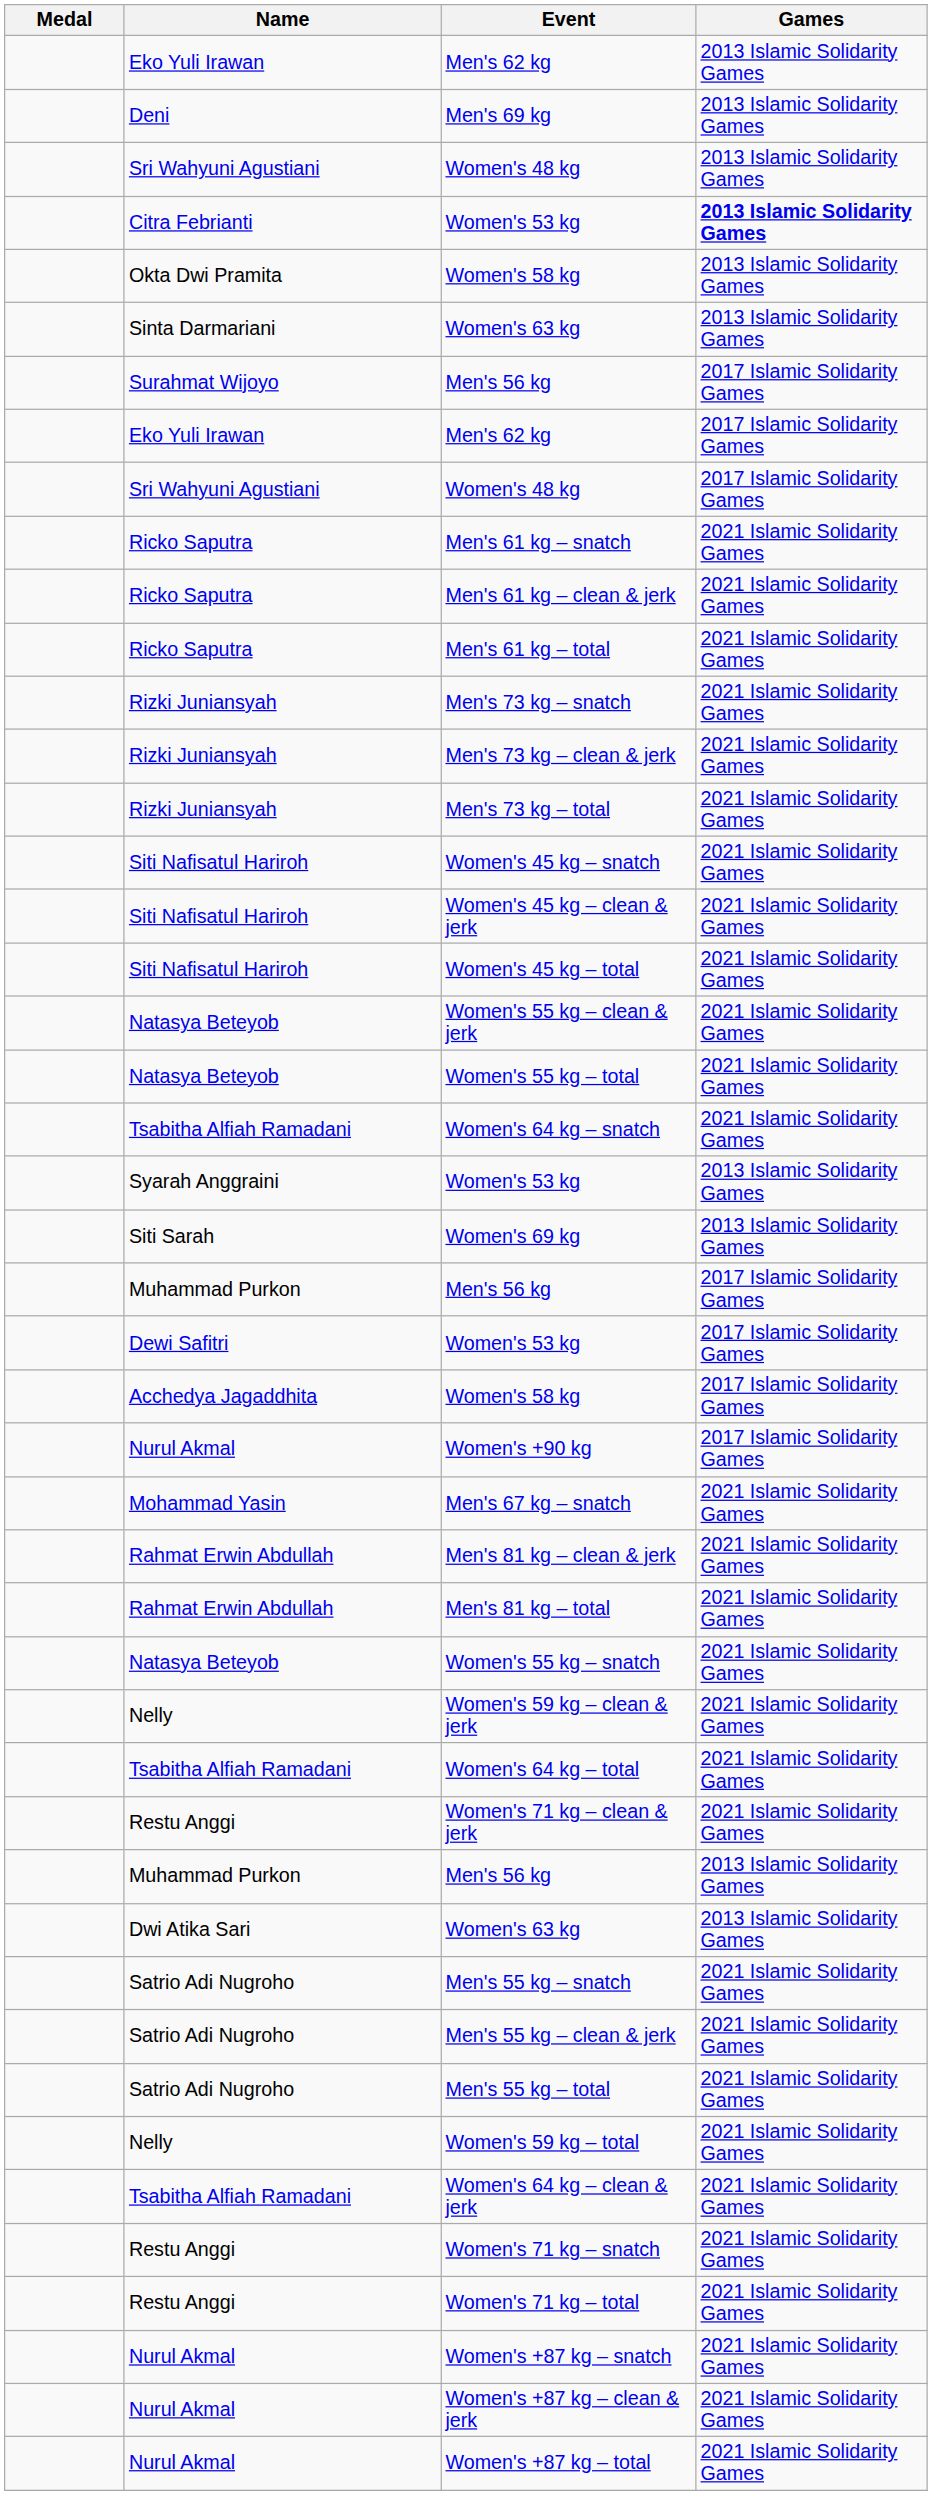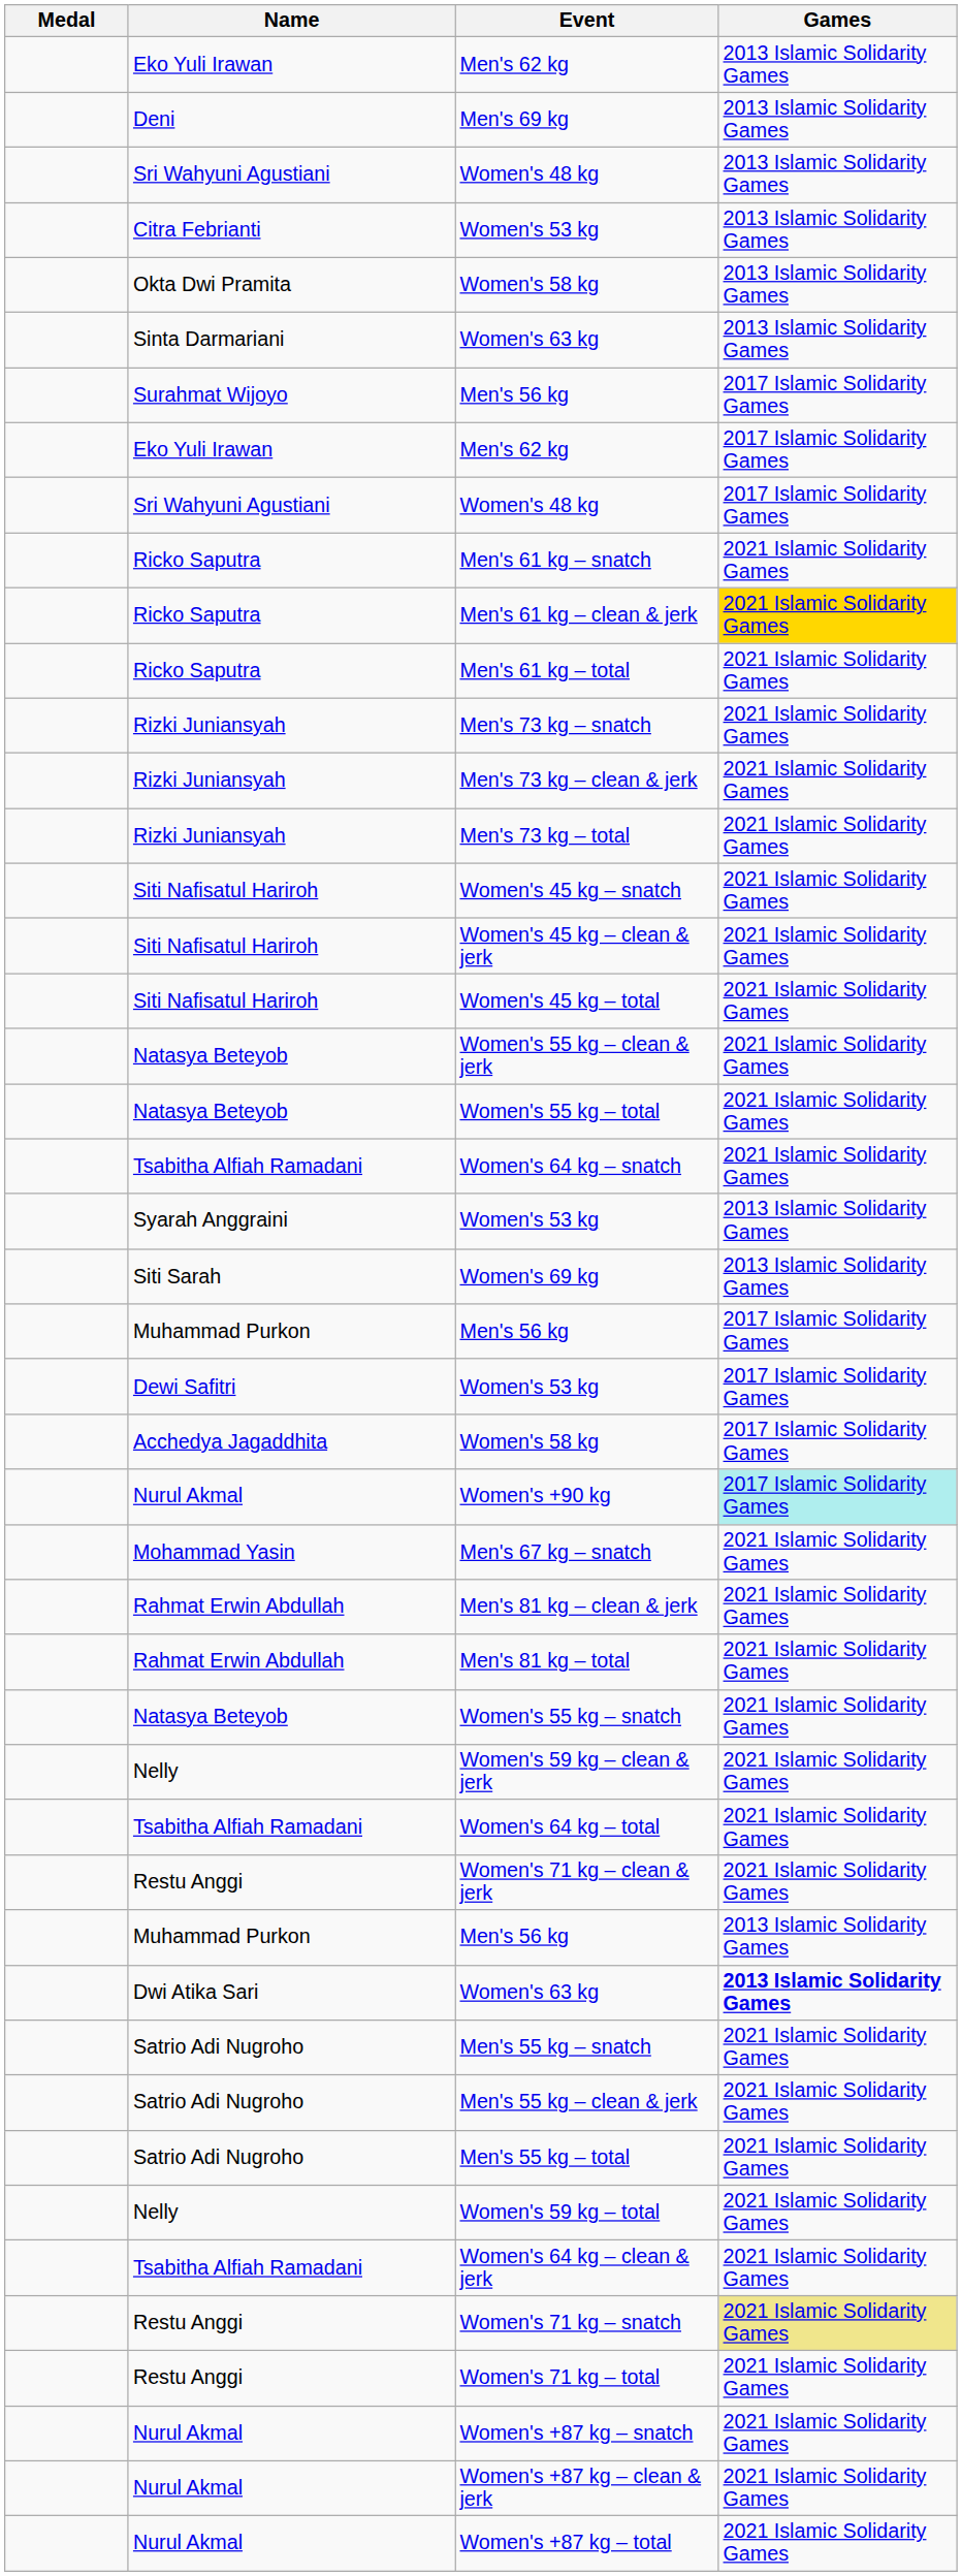 <table class="wikitable sortable" style="font-size:100%">
 <tr>
 <th width="90">Medal</th>
 <th width="250">Name</th>
 <th width="200">Event</th>
 <th width="180">Games</th>
 </tr>
 <tr>
 <td></td>
 <td><a href='#'>Eko Yuli Irawan</a></td>
 <td><a href='#'>Men's 62 kg</a></td>
 <td><a href='#'>2013 Islamic Solidarity Games</a></td>
 </tr>
 <tr>
 <td></td>
 <td><a href='#'>Deni</a></td>
 <td><a href='#'>Men's 69 kg</a></td>
 <td><a href='#'>2013 Islamic Solidarity Games</a></td>
 </tr>
 <tr>
 <td></td>
 <td><a href='#'>Sri Wahyuni Agustiani</a></td>
 <td><a href='#'>Women's 48 kg</a></td>
 <td><a href='#'>2013 Islamic Solidarity Games</a></td>
 </tr>
 <tr>
 <td></td>
 <td><a href='#'>Citra Febrianti</a></td>
 <td><a href='#'>Women's 53 kg</a></td>
-<td><strong><a href='#'>2013 Islamic Solidarity Games</a></strong></td>
+<td><a href='#'>2013 Islamic Solidarity Games</a></td>
 </tr>
 <tr>
 <td></td>
 <td>Okta Dwi Pramita</td>
 <td><a href='#'>Women's 58 kg</a></td>
 <td><a href='#'>2013 Islamic Solidarity Games</a></td>
 </tr>
 <tr>
 <td></td>
 <td>Sinta Darmariani</td>
 <td><a href='#'>Women's 63 kg</a></td>
 <td><a href='#'>2013 Islamic Solidarity Games</a></td>
 </tr>
 <tr>
 <td></td>
 <td><a href='#'>Surahmat Wijoyo</a></td>
 <td><a href='#'>Men's 56 kg</a></td>
 <td><a href='#'>2017 Islamic Solidarity Games</a></td>
 </tr>
 <tr>
 <td></td>
 <td><a href='#'>Eko Yuli Irawan</a></td>
 <td><a href='#'>Men's 62 kg</a></td>
 <td><a href='#'>2017 Islamic Solidarity Games</a></td>
 </tr>
 <tr>
 <td></td>
 <td><a href='#'>Sri Wahyuni Agustiani</a></td>
 <td><a href='#'>Women's 48 kg</a></td>
 <td><a href='#'>2017 Islamic Solidarity Games</a></td>
 </tr>
 <tr>
 <td></td>
 <td><a href='#'>Ricko Saputra</a></td>
 <td><a href='#'>Men's 61 kg – snatch</a></td>
 <td><a href='#'>2021 Islamic Solidarity Games</a></td>
 </tr>
 <tr>
 <td></td>
 <td><a href='#'>Ricko Saputra</a></td>
 <td><a href='#'>Men's 61 kg – clean & jerk</a></td>
-<td><a href='#'>2021 Islamic Solidarity Games</a></td>
+<td style="background: gold;"><a href='#'>2021 Islamic Solidarity Games</a></td>
 </tr>
 <tr>
 <td></td>
 <td><a href='#'>Ricko Saputra</a></td>
 <td><a href='#'>Men's 61 kg – total</a></td>
 <td><a href='#'>2021 Islamic Solidarity Games</a></td>
 </tr>
 <tr>
 <td></td>
 <td><a href='#'>Rizki Juniansyah</a></td>
 <td><a href='#'>Men's 73 kg – snatch</a></td>
 <td><a href='#'>2021 Islamic Solidarity Games</a></td>
 </tr>
 <tr>
 <td></td>
 <td><a href='#'>Rizki Juniansyah</a></td>
 <td><a href='#'>Men's 73 kg – clean & jerk</a></td>
 <td><a href='#'>2021 Islamic Solidarity Games</a></td>
 </tr>
 <tr>
 <td></td>
 <td><a href='#'>Rizki Juniansyah</a></td>
 <td><a href='#'>Men's 73 kg – total</a></td>
 <td><a href='#'>2021 Islamic Solidarity Games</a></td>
 </tr>
 <tr>
 <td></td>
 <td><a href='#'>Siti Nafisatul Hariroh</a></td>
 <td><a href='#'>Women's 45 kg – snatch</a></td>
 <td><a href='#'>2021 Islamic Solidarity Games</a></td>
 </tr>
 <tr>
 <td></td>
 <td><a href='#'>Siti Nafisatul Hariroh</a></td>
 <td><a href='#'>Women's 45 kg – clean & jerk</a></td>
 <td><a href='#'>2021 Islamic Solidarity Games</a></td>
 </tr>
 <tr>
 <td></td>
 <td><a href='#'>Siti Nafisatul Hariroh</a></td>
 <td><a href='#'>Women's 45 kg – total</a></td>
 <td><a href='#'>2021 Islamic Solidarity Games</a></td>
 </tr>
 <tr>
 <td></td>
 <td><a href='#'>Natasya Beteyob</a></td>
 <td><a href='#'>Women's 55 kg – clean & jerk</a></td>
 <td><a href='#'>2021 Islamic Solidarity Games</a></td>
 </tr>
 <tr>
 <td></td>
 <td><a href='#'>Natasya Beteyob</a></td>
 <td><a href='#'>Women's 55 kg – total</a></td>
 <td><a href='#'>2021 Islamic Solidarity Games</a></td>
 </tr>
 <tr>
 <td></td>
 <td><a href='#'>Tsabitha Alfiah Ramadani</a></td>
 <td><a href='#'>Women's 64 kg – snatch</a></td>
 <td><a href='#'>2021 Islamic Solidarity Games</a></td>
 </tr>
 <tr>
 <td></td>
 <td>Syarah Anggraini</td>
 <td><a href='#'>Women's 53 kg</a></td>
 <td><a href='#'>2013 Islamic Solidarity Games</a></td>
 </tr>
 <tr>
 <td></td>
 <td>Siti Sarah</td>
 <td><a href='#'>Women's 69 kg</a></td>
 <td><a href='#'>2013 Islamic Solidarity Games</a></td>
 </tr>
 <tr>
 <td></td>
 <td>Muhammad Purkon</td>
 <td><a href='#'>Men's 56 kg</a></td>
 <td><a href='#'>2017 Islamic Solidarity Games</a></td>
 </tr>
 <tr>
 <td></td>
 <td><a href='#'>Dewi Safitri</a></td>
 <td><a href='#'>Women's 53 kg</a></td>
 <td><a href='#'>2017 Islamic Solidarity Games</a></td>
 </tr>
 <tr>
 <td></td>
 <td><a href='#'>Acchedya Jagaddhita</a></td>
 <td><a href='#'>Women's 58 kg</a></td>
 <td><a href='#'>2017 Islamic Solidarity Games</a></td>
 </tr>
 <tr>
 <td></td>
 <td><a href='#'>Nurul Akmal</a></td>
 <td><a href='#'>Women's +90 kg</a></td>
-<td><a href='#'>2017 Islamic Solidarity Games</a></td>
+<td style="background: paleturquoise;"><a href='#'>2017 Islamic Solidarity Games</a></td>
 </tr>
 <tr>
 <td></td>
 <td><a href='#'>Mohammad Yasin</a></td>
 <td><a href='#'>Men's 67 kg – snatch</a></td>
 <td><a href='#'>2021 Islamic Solidarity Games</a></td>
 </tr>
 <tr>
 <td></td>
 <td><a href='#'>Rahmat Erwin Abdullah</a></td>
 <td><a href='#'>Men's 81 kg – clean & jerk</a></td>
 <td><a href='#'>2021 Islamic Solidarity Games</a></td>
 </tr>
 <tr>
 <td></td>
 <td><a href='#'>Rahmat Erwin Abdullah</a></td>
 <td><a href='#'>Men's 81 kg – total</a></td>
 <td><a href='#'>2021 Islamic Solidarity Games</a></td>
 </tr>
 <tr>
 <td></td>
 <td><a href='#'>Natasya Beteyob</a></td>
 <td><a href='#'>Women's 55 kg – snatch</a></td>
 <td><a href='#'>2021 Islamic Solidarity Games</a></td>
 </tr>
 <tr>
 <td></td>
 <td>Nelly</td>
 <td><a href='#'>Women's 59 kg – clean & jerk</a></td>
 <td><a href='#'>2021 Islamic Solidarity Games</a></td>
 </tr>
 <tr>
 <td></td>
 <td><a href='#'>Tsabitha Alfiah Ramadani</a></td>
 <td><a href='#'>Women's 64 kg – total</a></td>
 <td><a href='#'>2021 Islamic Solidarity Games</a></td>
 </tr>
 <tr>
 <td></td>
 <td>Restu Anggi</td>
 <td><a href='#'>Women's 71 kg – clean & jerk</a></td>
 <td><a href='#'>2021 Islamic Solidarity Games</a></td>
 </tr>
 <tr>
 <td></td>
 <td>Muhammad Purkon</td>
 <td><a href='#'>Men's 56 kg</a></td>
 <td><a href='#'>2013 Islamic Solidarity Games</a></td>
 </tr>
 <tr>
 <td></td>
 <td>Dwi Atika Sari</td>
 <td><a href='#'>Women's 63 kg</a></td>
-<td><a href='#'>2013 Islamic Solidarity Games</a></td>
+<td><strong><a href='#'>2013 Islamic Solidarity Games</a></strong></td>
 </tr>
 <tr>
 <td></td>
 <td>Satrio Adi Nugroho</td>
 <td><a href='#'>Men's 55 kg – snatch</a></td>
 <td><a href='#'>2021 Islamic Solidarity Games</a></td>
 </tr>
 <tr>
 <td></td>
 <td>Satrio Adi Nugroho</td>
 <td><a href='#'>Men's 55 kg – clean & jerk</a></td>
 <td><a href='#'>2021 Islamic Solidarity Games</a></td>
 </tr>
 <tr>
 <td></td>
 <td>Satrio Adi Nugroho</td>
 <td><a href='#'>Men's 55 kg – total</a></td>
 <td><a href='#'>2021 Islamic Solidarity Games</a></td>
 </tr>
 <tr>
 <td></td>
 <td>Nelly</td>
 <td><a href='#'>Women's 59 kg – total</a></td>
 <td><a href='#'>2021 Islamic Solidarity Games</a></td>
 </tr>
 <tr>
 <td></td>
 <td><a href='#'>Tsabitha Alfiah Ramadani</a></td>
 <td><a href='#'>Women's 64 kg – clean & jerk</a></td>
 <td><a href='#'>2021 Islamic Solidarity Games</a></td>
 </tr>
 <tr>
 <td></td>
 <td>Restu Anggi</td>
 <td><a href='#'>Women's 71 kg – snatch</a></td>
-<td><a href='#'>2021 Islamic Solidarity Games</a></td>
+<td style="background: khaki;"><a href='#'>2021 Islamic Solidarity Games</a></td>
 </tr>
 <tr>
 <td></td>
 <td>Restu Anggi</td>
 <td><a href='#'>Women's 71 kg – total</a></td>
 <td><a href='#'>2021 Islamic Solidarity Games</a></td>
 </tr>
 <tr>
 <td></td>
 <td><a href='#'>Nurul Akmal</a></td>
 <td><a href='#'>Women's +87 kg – snatch</a></td>
 <td><a href='#'>2021 Islamic Solidarity Games</a></td>
 </tr>
 <tr>
 <td></td>
 <td><a href='#'>Nurul Akmal</a></td>
 <td><a href='#'>Women's +87 kg – clean & jerk</a></td>
 <td><a href='#'>2021 Islamic Solidarity Games</a></td>
 </tr>
 <tr>
 <td></td>
 <td><a href='#'>Nurul Akmal</a></td>
 <td><a href='#'>Women's +87 kg – total</a></td>
 <td><a href='#'>2021 Islamic Solidarity Games</a></td>
 </tr>
 <tr>
 </tr>
 </table>
